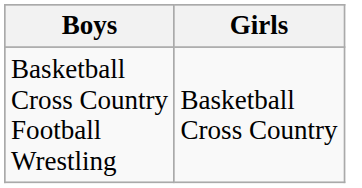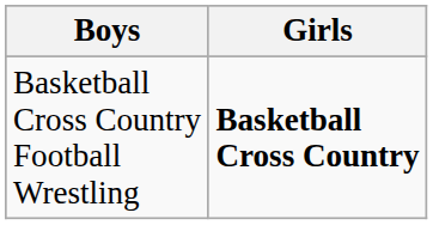 <table class="wikitable">
 <tr>
 <th>Boys</th>
 <th>Girls</th>
 </tr>
 <tr>
 <td>Basketball<br>Cross Country<br>Football<br>Wrestling</td>
-<td>Basketball<br>Cross Country</td>
+<td><strong>Basketball<br>Cross Country</strong></td>
 </tr>
 </table>
